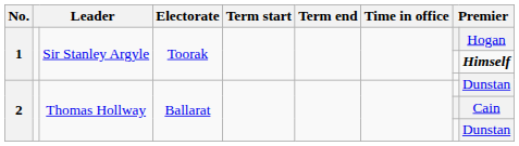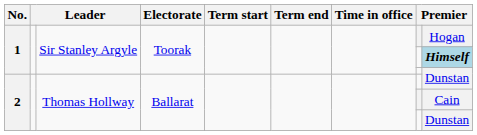 <table class="wikitable" style="text-align:center">
 <tr>
 <th class=unsortable>No.</th>
 <th colspan=2>Leader<br></th>
 <th>Electorate</th>
 <th>Term start</th>
 <th>Term end</th>
 <th>Time in office</th>
 <th colspan=2>Premier<br></th>
 </tr>
 <tr>
 <th rowspan=3; style="background:">1</th>
 <td rowspan=3></td>
 <td rowspan=3><a href='#'>Sir Stanley Argyle</a><br></td>
 <td rowspan=3><a href='#'>Toorak</a></td>
 <td rowspan=3></td>
 <td rowspan=3></td>
 <td rowspan=3></td>
 <th></th>
 <th style="font-weight:normal"><a href='#'>Hogan</a><br></th>
 </tr>
 <tr>
 <td></td>
-<td><strong><em>Himself</em></strong><br></td>
+<td style="background: lightblue;"><strong><em>Himself</em></strong><br></td>
 </tr>
 <tr>
 <td></td>
 <th rowspan=2; style="font-weight:normal"><a href='#'>Dunstan</a><br></th>
 </tr>
 <tr>
 <th rowspan=3; style="background:">2</th>
 <td rowspan=3></td>
 <td rowspan=3><a href='#'>Thomas Hollway</a><br></td>
 <td rowspan=3><a href='#'>Ballarat</a></td>
 <td rowspan=3></td>
 <td rowspan=3></td>
 <td rowspan=3></td>
 <td></td>
 </tr>
 <tr>
 <th></th>
 <th style="font-weight:normal"><a href='#'>Cain</a><br></th>
 </tr>
 <tr>
 <td></td>
 <th style="font-weight:normal"><a href='#'>Dunstan</a><br></th>
 </tr>
 </table>
